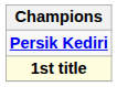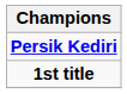 <table class="wikitable" style="text-align: center; margin: 0 auto;">
 <tr>
 <th>Champions</th>
 </tr>
 <tr>
 <td><strong><a href='#'>Persik Kediri</a></strong></td>
 </tr>
 <tr>
-<td style="background: lightyellow;"><strong>1st title</strong></td>
+<td><strong>1st title</strong></td>
 </tr>
 <tr>
 </tr>
 </table>
